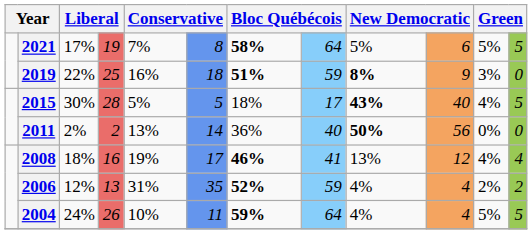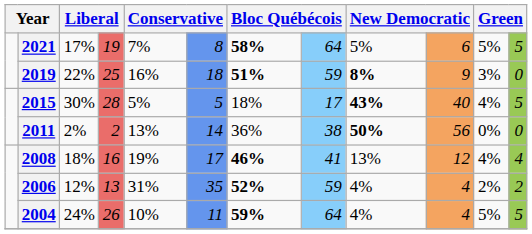 <table class="wikitable" style="width:400; font-size:90%; margin-left:1em;">
 <tr>
 <th colspan="2" scope="col">Year</th>
 <th colspan="2" scope="col"><a href='#'>Liberal</a></th>
 <th colspan="2" scope="col"><a href='#'>Conservative</a></th>
 <th colspan="2" scope="col"><a href='#'>Bloc Québécois</a></th>
 <th colspan="2" scope="col"><a href='#'>New Democratic</a></th>
 <th colspan="2" scope="col"><a href='#'>Green</a></th>
 </tr>
 <tr>
 <td rowspan="2" style="width: 0.25em; background-color: "></td>
 <th><a href='#'>2021</a></th>
 <td>17%</td>
 <td style="text-align:right; background:#EA6D6A;"><em>19</em></td>
 <td>7%</td>
 <td style="text-align:right; background:#6495ED;"><em>8</em></td>
 <td><strong>58%</strong></td>
 <td style="text-align:right; background:#87CEFA;"><em>64</em></td>
 <td>5%</td>
 <td style="text-align:right; background:#F4A460;"><em>6</em></td>
 <td>5%</td>
 <td style="text-align:right; background:#99C955;"><em>5</em></td>
 </tr>
 <tr>
 <th><a href='#'>2019</a></th>
 <td>22%</td>
 <td style="text-align:right; background:#EA6D6A;"><em>25</em></td>
 <td>16%</td>
 <td style="text-align:right; background:#6495ED;"><em>18</em></td>
 <td><strong>51%</strong></td>
 <td style="text-align:right; background:#87CEFA;"><em>59</em></td>
 <td><strong>8%</strong></td>
 <td style="text-align:right; background:#F4A460;"><em>9</em></td>
 <td>3%</td>
 <td style="text-align:right; background:#99C955;"><em>0</em></td>
 </tr>
 <tr>
 <td rowspan="2" style="width: 0.25em; background-color: "></td>
 <th><a href='#'>2015</a></th>
 <td>30%</td>
 <td style="text-align:right; background:#EA6D6A;"><em>28</em></td>
 <td>5%</td>
 <td style="text-align:right; background:#6495ED;"><em>5</em></td>
 <td>18%</td>
 <td style="text-align:right; background:#87CEFA;"><em>17</em></td>
 <td><strong>43%</strong></td>
 <td style="text-align:right; background:#F4A460;"><em>40</em></td>
 <td>4%</td>
 <td style="text-align:right; background:#99C955;"><em>5</em></td>
 </tr>
 <tr>
 <th><a href='#'>2011</a></th>
 <td>2%</td>
 <td style="text-align:right; background:#EA6D6A;"><em>2</em></td>
 <td>13%</td>
 <td style="text-align:right; background:#6495ED;"><em>14</em></td>
 <td>36%</td>
-<td style="text-align:right; background:#87CEFA;"><em>40</em></td>
+<td style="text-align:right; background:#87CEFA;"><em>38</em></td>
 <td><strong>50%</strong></td>
 <td style="text-align:right; background:#F4A460;"><em>56</em></td>
 <td>0%</td>
 <td style="text-align:right; background:#99C955;"><em>0</em></td>
 </tr>
 <tr>
 <td rowspan="3" style="width: 0.25em; background-color: "></td>
 <th><a href='#'>2008</a></th>
 <td>18%</td>
 <td style="text-align:right; background:#EA6D6A;"><em>16</em></td>
 <td>19%</td>
 <td style="text-align:right; background:#6495ED;"><em>17</em></td>
 <td><strong>46%</strong></td>
 <td style="text-align:right; background:#87CEFA;"><em>41</em></td>
 <td>13%</td>
 <td style="text-align:right; background:#F4A460;"><em>12</em></td>
 <td>4%</td>
 <td style="text-align:right; background:#99C955;"><em>4</em></td>
 </tr>
 <tr>
 <th><a href='#'>2006</a></th>
 <td>12%</td>
 <td style="text-align:right; background:#EA6D6A;"><em>13</em></td>
 <td>31%</td>
 <td style="text-align:right; background:#6495ED;"><em>35</em></td>
 <td><strong>52%</strong></td>
 <td style="text-align:right; background:#87CEFA;"><em>59</em></td>
 <td>4%</td>
 <td style="text-align:right; background:#F4A460;"><em>4</em></td>
 <td>2%</td>
 <td style="text-align:right; background:#99C955;"><em>2</em></td>
 </tr>
 <tr>
 <th><a href='#'>2004</a></th>
 <td>24%</td>
 <td style="text-align:right; background:#EA6D6A;"><em>26</em></td>
 <td>10%</td>
 <td style="text-align:right; background:#6495ED;"><em>11</em></td>
 <td><strong>59%</strong></td>
 <td style="text-align:right; background:#87CEFA;"><em>64</em></td>
 <td>4%</td>
 <td style="text-align:right; background:#F4A460;"><em>4</em></td>
 <td>5%</td>
 <td style="text-align:right; background:#99C955;"><em>5</em></td>
 </tr>
 <tr>
 </tr>
 </table>
